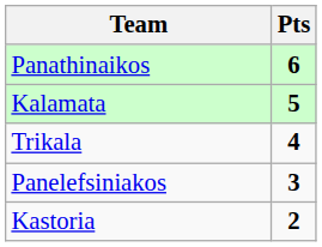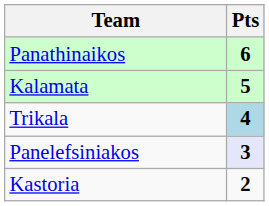 <table class="wikitable" style="text-align: center;">
 <tr>
 <th width=165>Team</th>
 <th width=20>Pts</th>
 </tr>
 <tr bgcolor="#ccffcc">
 <td align=left><a href='#'>Panathinaikos</a></td>
 <td><strong>6</strong></td>
 </tr>
 <tr bgcolor="#ccffcc">
 <td align=left><a href='#'>Kalamata</a></td>
 <td><strong>5</strong></td>
 </tr>
 <tr>
 <td align=left><a href='#'>Trikala</a></td>
-<td><strong>4</strong></td>
+<td style="background: lightblue;"><strong>4</strong></td>
 </tr>
 <tr>
 <td align=left><a href='#'>Panelefsiniakos</a></td>
-<td><strong>3</strong></td>
+<td style="background: lavender;"><strong>3</strong></td>
 </tr>
 <tr>
 <td align=left><a href='#'>Kastoria</a></td>
 <td><strong>2</strong></td>
 </tr>
 </table>
